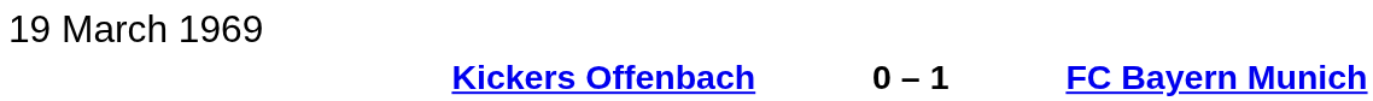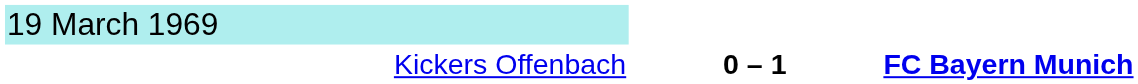 <table width=100% cellspacing=1>
 <tr>
 <th width=25%></th>
 <th width=10%></th>
 <th width=25%></th>
 <th></th>
 </tr>
 <tr>
-<td>19 March 1969</td>
+<td style="background: paleturquoise;">19 March 1969</td>
 </tr>
 <tr style=font-size:90%>
-<td align=right><strong><a href='#'>Kickers Offenbach</a></strong></td>
+<td align=right><a href='#'>Kickers Offenbach</a></td>
 <td align=center><strong>0 – 1</strong></td>
 <td><strong><a href='#'>FC Bayern Munich</a></strong></td>
 </tr>
 </table>
